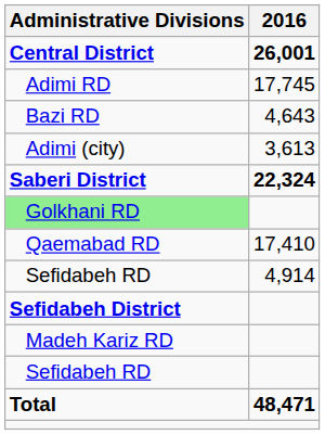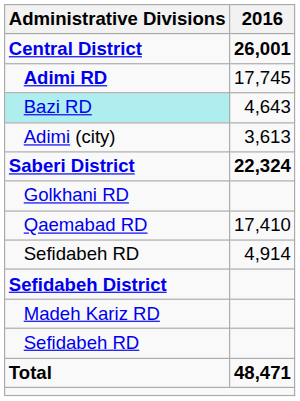 <table class="wikitable">
 <tr>
 <th>Administrative Divisions</th>
 <th>2016</th>
 </tr>
 <tr>
 <td><strong><a href='#'>Central District</a></strong></td>
 <td style="text-align: right;"><strong>26,001</strong></td>
 </tr>
 <tr>
-<td style="padding-left: 1em;"><a href='#'>Adimi RD</a></td>
+<td style="padding-left: 1em;"><strong><a href='#'>Adimi RD</a></strong></td>
 <td style="text-align: right;">17,745</td>
 </tr>
 <tr>
-<td style="padding-left: 1em;"><a href='#'>Bazi RD</a></td>
+<td style="background: paleturquoise; padding-left: 1em;"><a href='#'>Bazi RD</a></td>
 <td style="text-align: right;">4,643</td>
 </tr>
 <tr>
 <td style="padding-left: 1em;"><a href='#'>Adimi</a> (city)</td>
 <td style="text-align: right;">3,613</td>
 </tr>
 <tr>
 <td><strong><a href='#'>Saberi District</a></strong></td>
 <td style="text-align: right;"><strong>22,324</strong></td>
 </tr>
 <tr>
-<td style="background: lightgreen; padding-left: 1em;"><a href='#'>Golkhani RD</a></td>
+<td style="padding-left: 1em;"><a href='#'>Golkhani RD</a></td>
 <td style="text-align: right;"></td>
 </tr>
 <tr>
 <td style="padding-left: 1em;"><a href='#'>Qaemabad RD</a></td>
 <td style="text-align: right;">17,410</td>
 </tr>
 <tr>
 <td style="padding-left: 1em;">Sefidabeh RD</td>
 <td style="text-align: right;">4,914</td>
 </tr>
 <tr>
 <td><strong><a href='#'>Sefidabeh District</a></strong></td>
 <td style="text-align: right;"></td>
 </tr>
 <tr>
 <td style="padding-left: 1em;"><a href='#'>Madeh Kariz RD</a></td>
 <td style="text-align: right;"></td>
 </tr>
 <tr>
 <td style="padding-left: 1em;"><a href='#'>Sefidabeh RD</a></td>
 <td style="text-align: right;"></td>
 </tr>
 <tr>
 <td><strong>Total</strong></td>
 <td style="text-align: right;"><strong>48,471</strong></td>
 </tr>
 <tr>
 <td colspan=42></td>
 </tr>
 </table>
